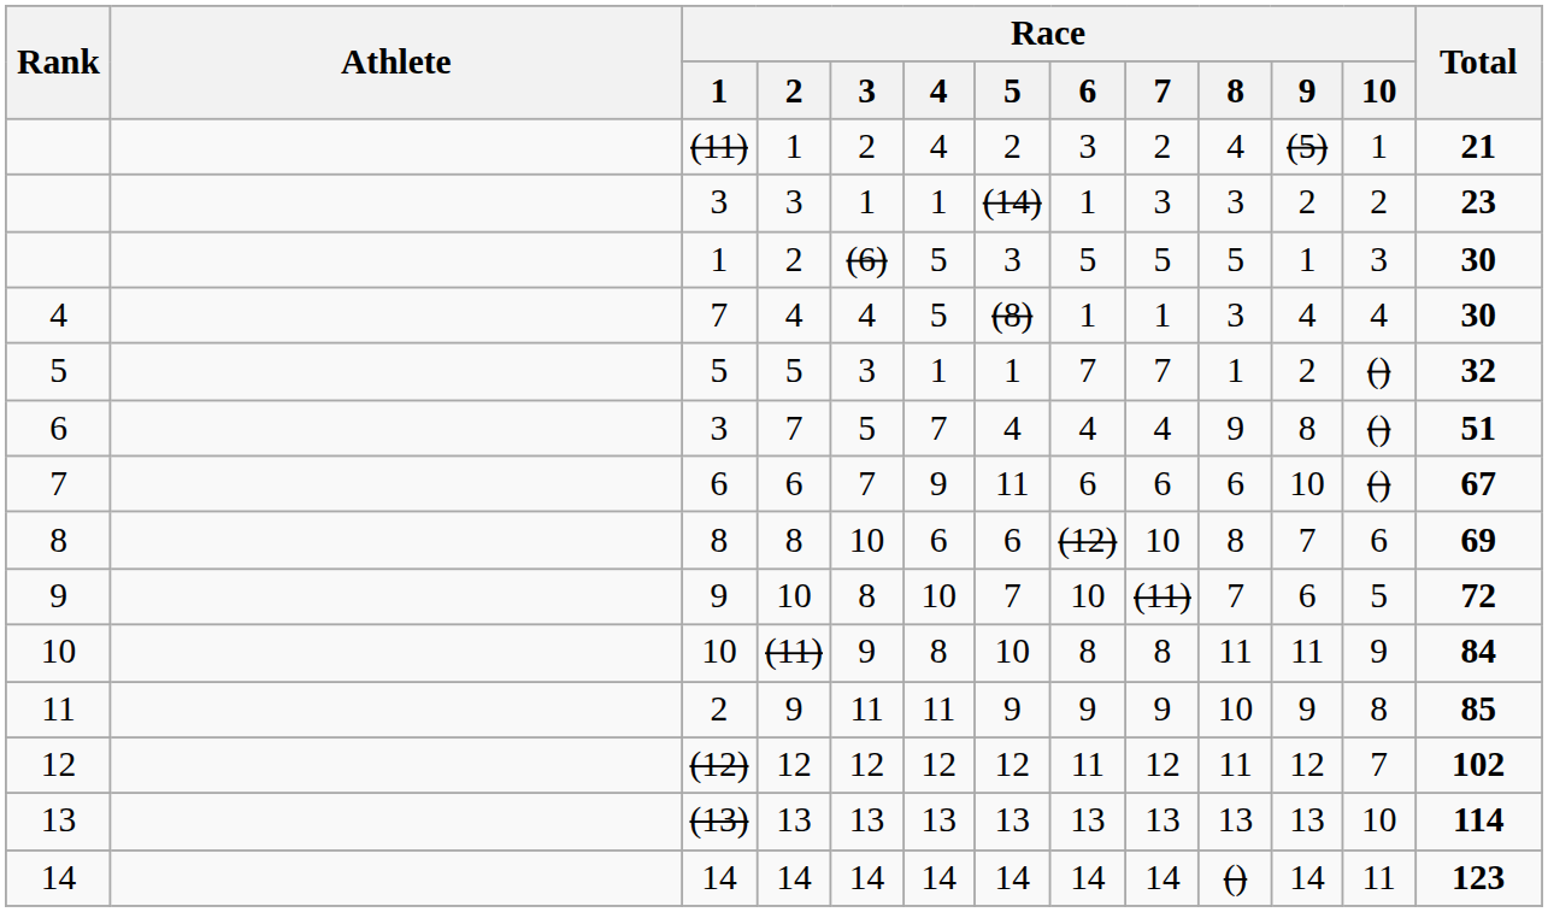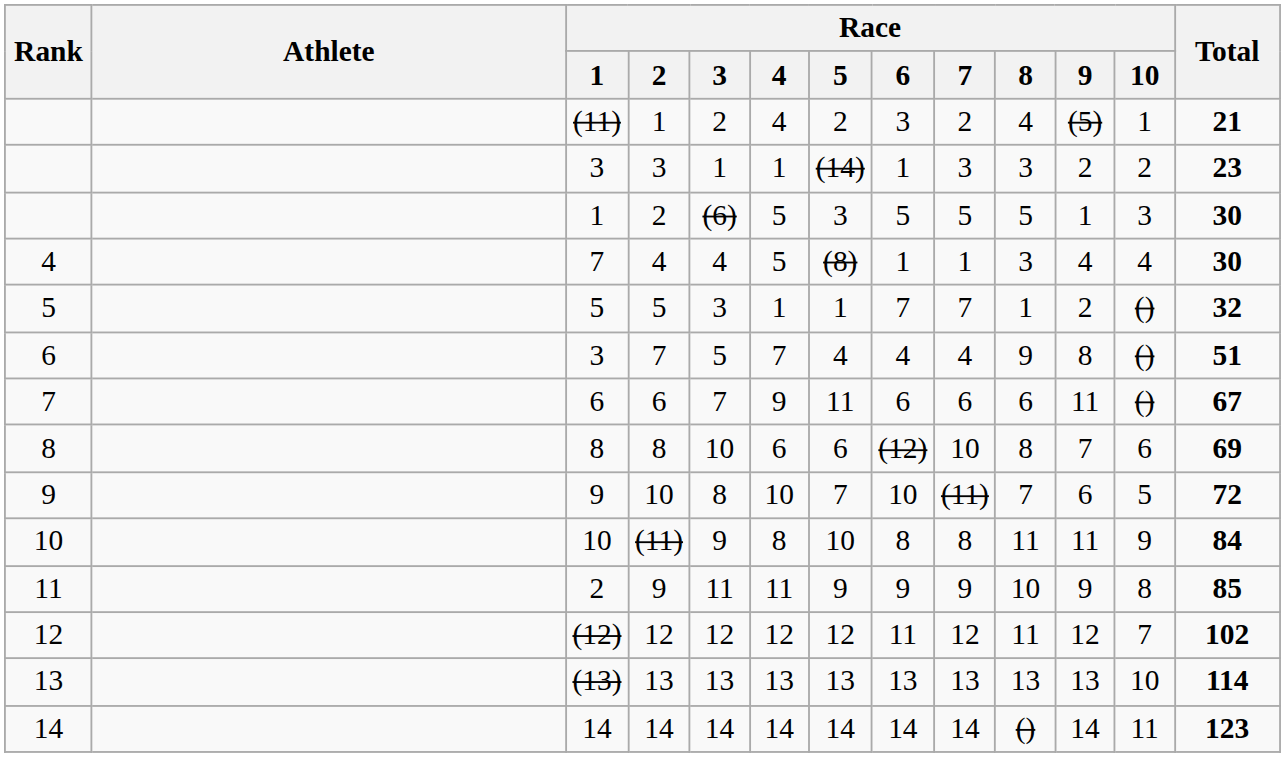 <table class="wikitable" style="text-align:center">
 <tr>
 <th rowspan="2" width=40>Rank</th>
 <th rowspan="2" width=250>Athlete</th>
 <th colspan="10">Race</th>
 <th rowspan="2" width=50>Total</th>
 </tr>
 <tr>
 <th width=25>1</th>
 <th width=25>2</th>
 <th width=25>3</th>
 <th width=25>4</th>
 <th width=25>5</th>
 <th width=25>6</th>
 <th width=25>7</th>
 <th width=25>8</th>
 <th width=25>9</th>
 <th width=25>10</th>
 </tr>
 <tr>
 <td></td>
 <td align=left></td>
 <td><s>(11)</s></td>
 <td>1</td>
 <td>2</td>
 <td>4</td>
 <td>2</td>
 <td>3</td>
 <td>2</td>
 <td>4</td>
 <td><s>(5)</s></td>
 <td>1</td>
 <td><strong>21</strong></td>
 </tr>
 <tr>
 <td></td>
 <td align=left></td>
 <td>3</td>
 <td>3</td>
 <td>1</td>
 <td>1</td>
 <td><s>(14)</s></td>
 <td>1</td>
 <td>3</td>
 <td>3</td>
 <td>2</td>
 <td>2</td>
 <td><strong>23</strong></td>
 </tr>
 <tr>
 <td></td>
 <td align=left></td>
 <td>1</td>
 <td>2</td>
 <td><s>(6)</s></td>
 <td>5</td>
 <td>3</td>
 <td>5</td>
 <td>5</td>
 <td>5</td>
 <td>1</td>
 <td>3</td>
 <td><strong>30</strong></td>
 </tr>
 <tr>
 <td>4</td>
 <td align=left></td>
 <td>7</td>
 <td>4</td>
 <td>4</td>
 <td>5</td>
 <td><s>(8)</s></td>
 <td>1</td>
 <td>1</td>
 <td>3</td>
 <td>4</td>
 <td>4</td>
 <td><strong>30</strong></td>
 </tr>
 <tr>
 <td>5</td>
 <td align=left></td>
 <td>5</td>
 <td>5</td>
 <td>3</td>
 <td>1</td>
 <td>1</td>
 <td>7</td>
 <td>7</td>
 <td>1</td>
 <td>2</td>
 <td><s>()</s></td>
 <td><strong>32</strong></td>
 </tr>
 <tr>
 <td>6</td>
 <td align=left></td>
 <td>3</td>
 <td>7</td>
 <td>5</td>
 <td>7</td>
 <td>4</td>
 <td>4</td>
 <td>4</td>
 <td>9</td>
 <td>8</td>
 <td><s>()</s></td>
 <td><strong>51</strong></td>
 </tr>
 <tr>
 <td>7</td>
 <td align=left></td>
 <td>6</td>
 <td>6</td>
 <td>7</td>
 <td>9</td>
 <td>11</td>
 <td>6</td>
 <td>6</td>
 <td>6</td>
-<td>10</td>
+<td>11</td>
 <td><s>()</s></td>
 <td><strong>67</strong></td>
 </tr>
 <tr>
 <td>8</td>
 <td align=left></td>
 <td>8</td>
 <td>8</td>
 <td>10</td>
 <td>6</td>
 <td>6</td>
 <td><s>(12)</s></td>
 <td>10</td>
 <td>8</td>
 <td>7</td>
 <td>6</td>
 <td><strong>69</strong></td>
 </tr>
 <tr>
 <td>9</td>
 <td align=left></td>
 <td>9</td>
 <td>10</td>
 <td>8</td>
 <td>10</td>
 <td>7</td>
 <td>10</td>
 <td><s>(11)</s></td>
 <td>7</td>
 <td>6</td>
 <td>5</td>
 <td><strong>72</strong></td>
 </tr>
 <tr>
 <td>10</td>
 <td align=left></td>
 <td>10</td>
 <td><s>(11)</s></td>
 <td>9</td>
 <td>8</td>
 <td>10</td>
 <td>8</td>
 <td>8</td>
 <td>11</td>
 <td>11</td>
 <td>9</td>
 <td><strong>84</strong></td>
 </tr>
 <tr>
 <td>11</td>
 <td align=left></td>
 <td>2</td>
 <td>9</td>
 <td>11</td>
 <td>11</td>
 <td>9</td>
 <td>9</td>
 <td>9</td>
 <td>10</td>
 <td>9</td>
 <td>8</td>
 <td><strong>85</strong></td>
 </tr>
 <tr>
 <td>12</td>
 <td align=left></td>
 <td><s>(12)</s></td>
 <td>12</td>
 <td>12</td>
 <td>12</td>
 <td>12</td>
 <td>11</td>
 <td>12</td>
 <td>11</td>
 <td>12</td>
 <td>7</td>
 <td><strong>102</strong></td>
 </tr>
 <tr>
 <td>13</td>
 <td align=left></td>
 <td><s>(13)</s></td>
 <td>13</td>
 <td>13</td>
 <td>13</td>
 <td>13</td>
 <td>13</td>
 <td>13</td>
 <td>13</td>
 <td>13</td>
 <td>10</td>
 <td><strong>114</strong></td>
 </tr>
 <tr>
 <td>14</td>
 <td align=left></td>
 <td>14</td>
 <td>14</td>
 <td>14</td>
 <td>14</td>
 <td>14</td>
 <td>14</td>
 <td>14</td>
 <td><s>()</s></td>
 <td>14</td>
 <td>11</td>
 <td><strong>123</strong></td>
 </tr>
 </table>
